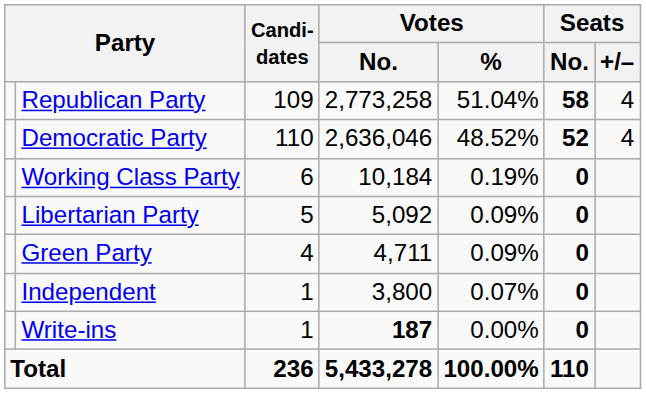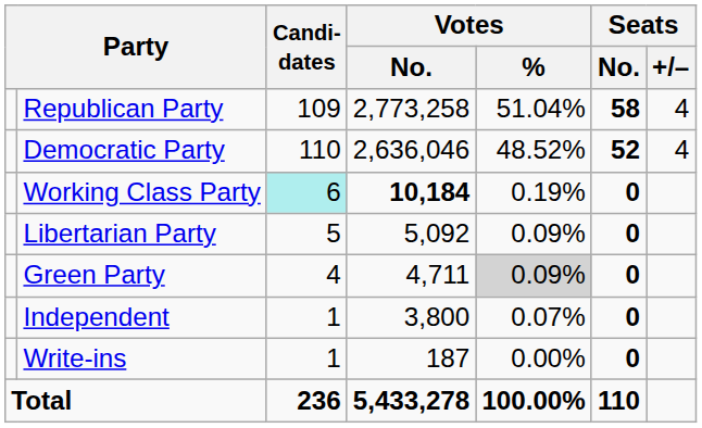 <table class="wikitable" style="font-size:100%; text-align:right;">
 <tr>
 <th colspan=2 rowspan=2>Party</th>
 <th rowspan=2><small>Candi-<br>dates</small></th>
 <th colspan=2>Votes</th>
 <th colspan=2>Seats</th>
 </tr>
 <tr>
 <th>No.</th>
 <th>%</th>
 <th>No.</th>
 <th>+/–</th>
 </tr>
 <tr>
 <td style="background:"></td>
 <td align=left><a href='#'>Republican Party</a></td>
 <td>109</td>
 <td>2,773,258</td>
 <td>51.04%</td>
 <td><strong>58</strong></td>
 <td>4</td>
 </tr>
 <tr>
 <td style="background:"></td>
 <td align=left><a href='#'>Democratic Party</a></td>
 <td>110</td>
 <td>2,636,046</td>
 <td>48.52%</td>
 <td><strong>52</strong></td>
 <td>4</td>
 </tr>
 <tr>
 <td style="background:"></td>
 <td align=left><a href='#'>Working Class Party</a></td>
-<td>6</td>
-<td>10,184</td>
+<td style="background: paleturquoise;">6</td>
+<td><strong>10,184</strong></td>
 <td>0.19%</td>
 <td><strong>0</strong></td>
 <td></td>
 </tr>
 <tr>
 <td style="background:"></td>
 <td align=left><a href='#'>Libertarian Party</a></td>
 <td>5</td>
 <td>5,092</td>
 <td>0.09%</td>
 <td><strong>0</strong></td>
 <td></td>
 </tr>
 <tr>
 <td style="background:"></td>
 <td align=left><a href='#'>Green Party</a></td>
 <td>4</td>
 <td>4,711</td>
-<td>0.09%</td>
+<td style="background: lightgrey;">0.09%</td>
 <td><strong>0</strong></td>
 <td></td>
 </tr>
 <tr>
 <td style="background:"></td>
 <td align=left><a href='#'>Independent</a></td>
 <td>1</td>
 <td>3,800</td>
 <td>0.07%</td>
 <td><strong>0</strong></td>
 <td></td>
 </tr>
 <tr>
 <td style="background:"></td>
 <td align=left><a href='#'>Write-ins</a></td>
 <td>1</td>
-<td><strong>187</strong></td>
+<td>187</td>
 <td>0.00%</td>
 <td><strong>0</strong></td>
 <td></td>
 </tr>
 <tr style="font-weight:bold">
 <td colspan=2 align=left>Total</td>
 <td>236</td>
 <td>5,433,278</td>
 <td>100.00%</td>
 <td>110</td>
 <td></td>
 </tr>
 </table>
